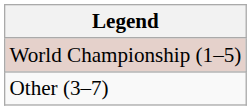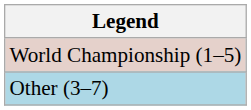 <table class="wikitable">
 <tr>
 <th>Legend</th>
 </tr>
 <tr bgcolor="#e5d1cb">
 <td>World Championship (1–5)</td>
 </tr>
 <tr>
-<td>Other (3–7)</td>
+<td style="background: lightblue;">Other (3–7)</td>
 </tr>
 </table>
